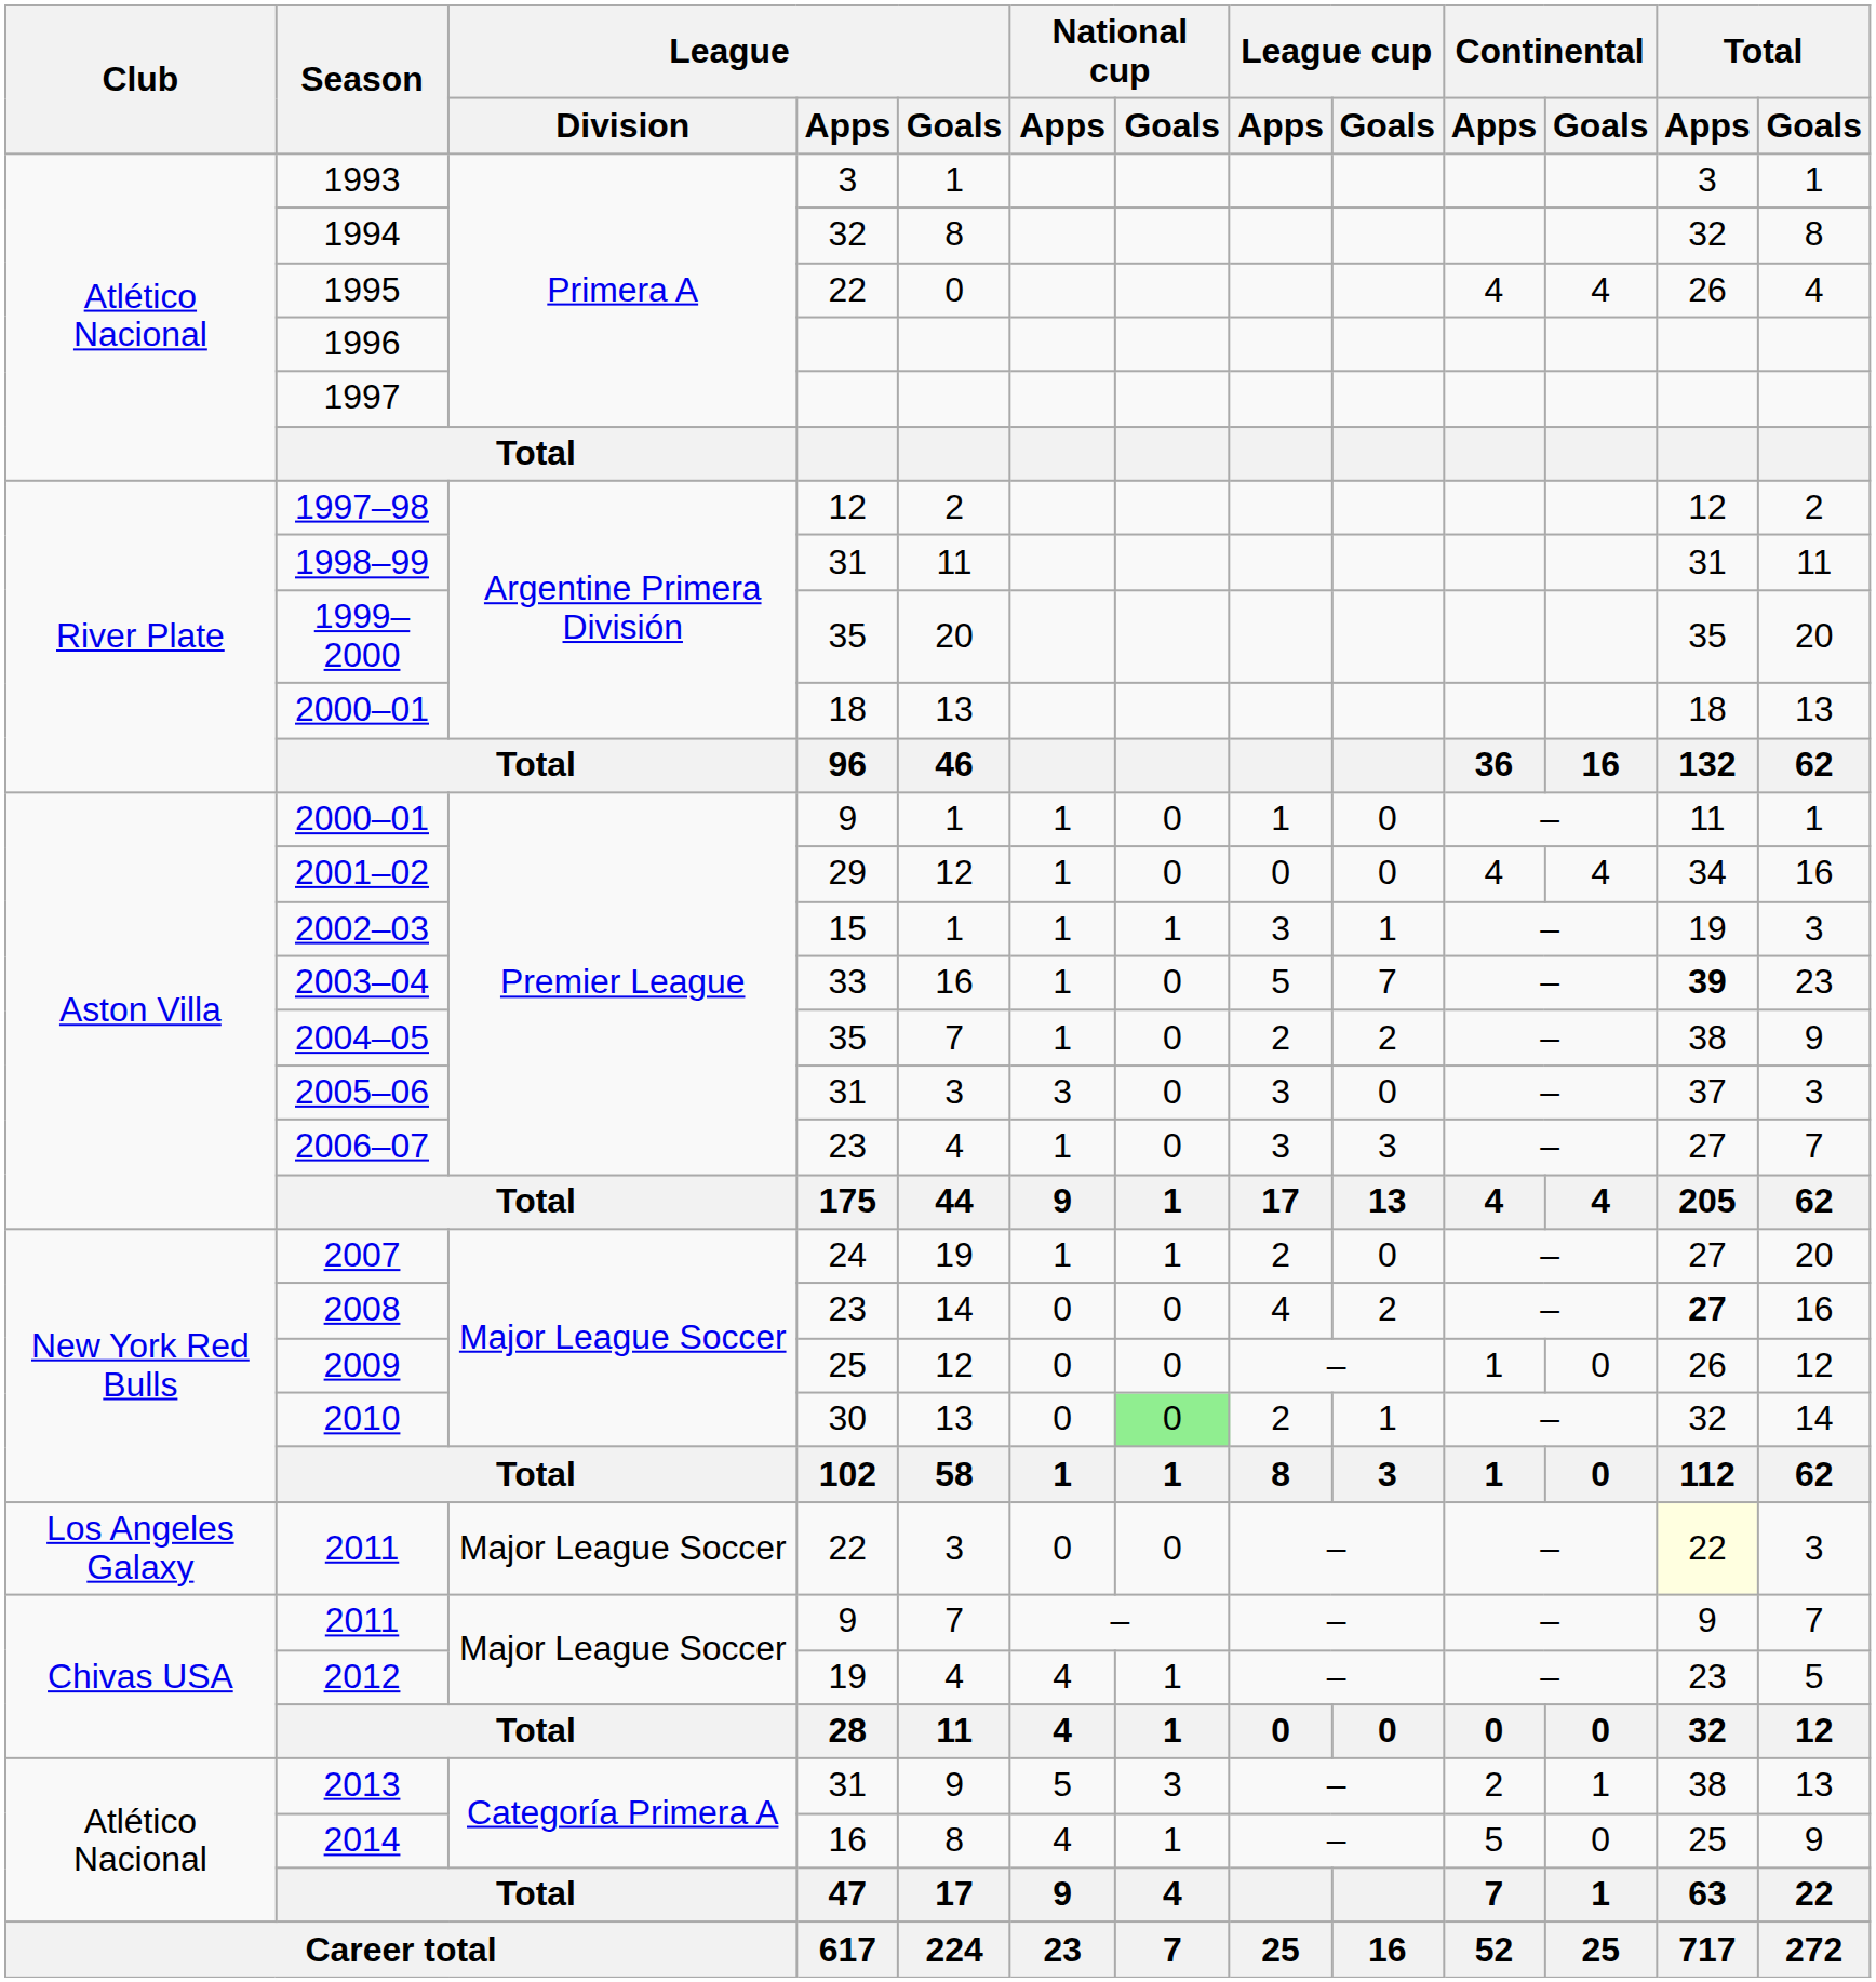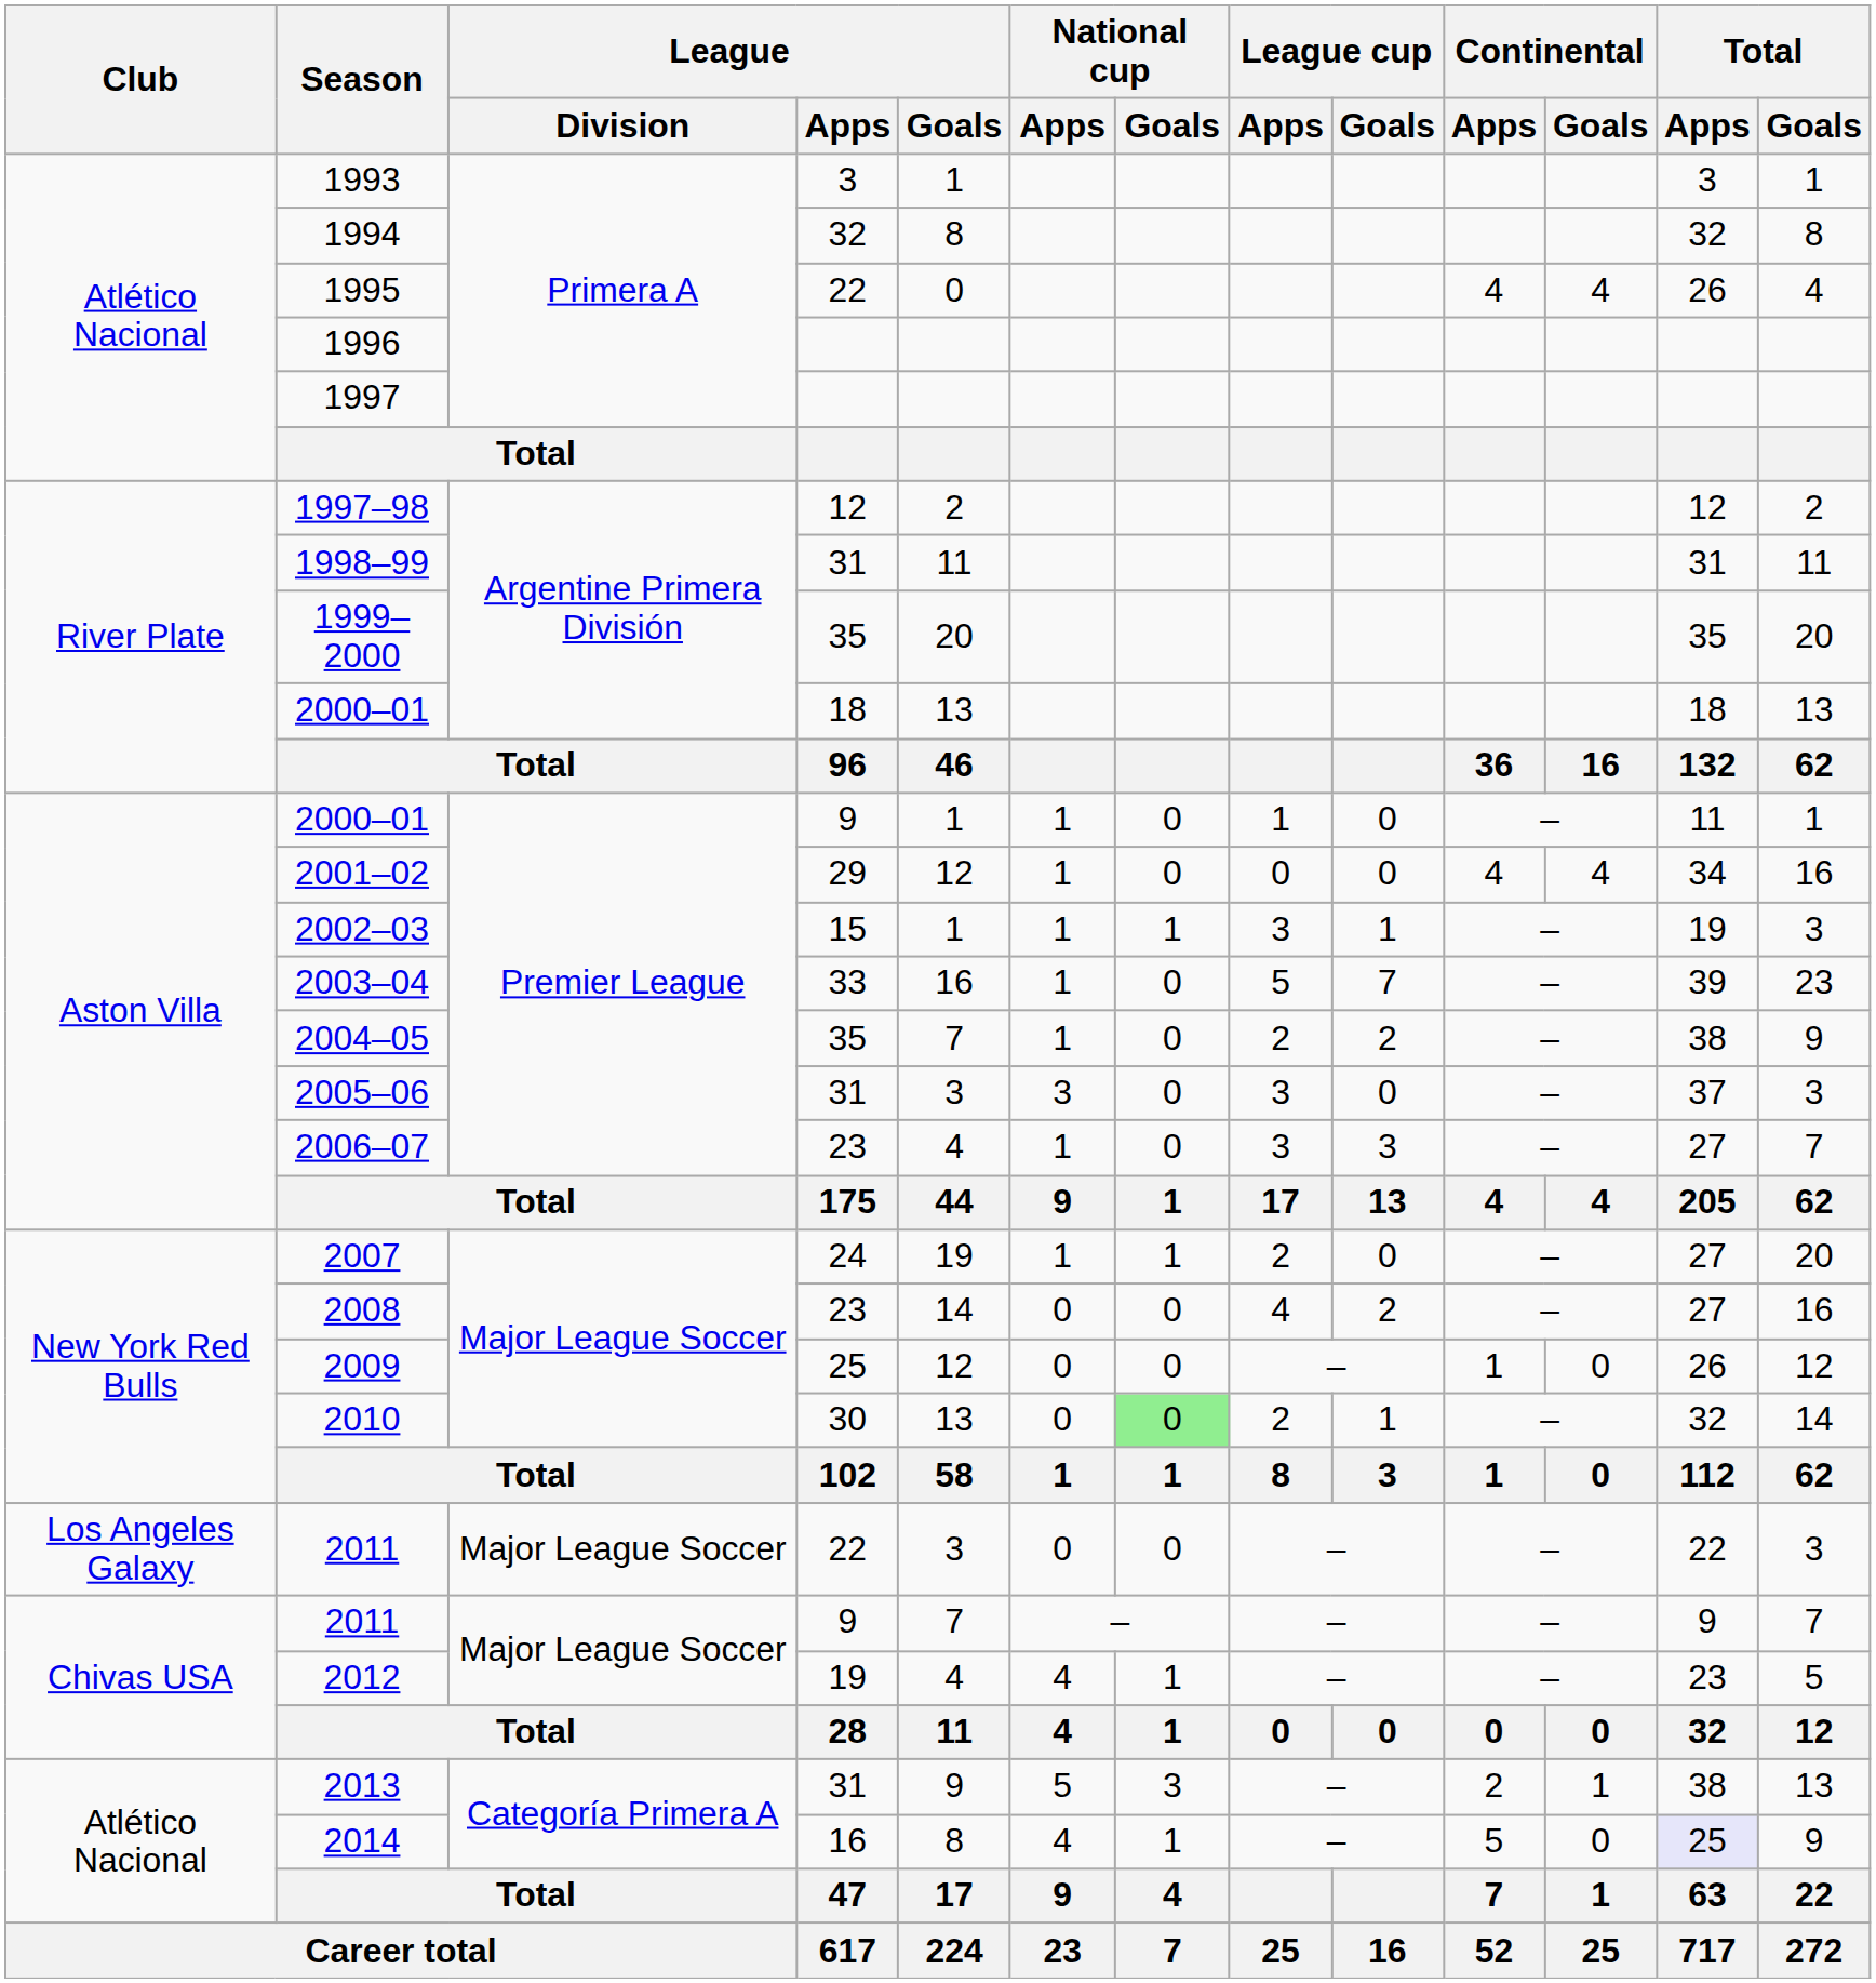 <table class="wikitable" style="text-align:center">
 <tr>
 <th rowspan="2">Club</th>
 <th rowspan="2">Season</th>
 <th colspan="3">League</th>
 <th colspan="2">National cup</th>
 <th colspan="2">League cup</th>
 <th colspan="2">Continental</th>
 <th colspan="2">Total</th>
 </tr>
 <tr>
 <th>Division</th>
 <th>Apps</th>
 <th>Goals</th>
 <th>Apps</th>
 <th>Goals</th>
 <th>Apps</th>
 <th>Goals</th>
 <th>Apps</th>
 <th>Goals</th>
 <th>Apps</th>
 <th>Goals</th>
 </tr>
 <tr>
 <td rowspan="6"><a href='#'>Atlético Nacional</a></td>
 <td>1993</td>
 <td rowspan="5"><a href='#'>Primera A</a></td>
 <td>3</td>
 <td>1</td>
 <td></td>
 <td></td>
 <td></td>
 <td></td>
 <td></td>
 <td></td>
 <td>3</td>
 <td>1</td>
 </tr>
 <tr>
 <td>1994</td>
 <td>32</td>
 <td>8</td>
 <td></td>
 <td></td>
 <td></td>
 <td></td>
 <td></td>
 <td></td>
 <td>32</td>
 <td>8</td>
 </tr>
 <tr>
 <td>1995</td>
 <td>22</td>
 <td>0</td>
 <td></td>
 <td></td>
 <td></td>
 <td></td>
 <td>4</td>
 <td>4</td>
 <td>26</td>
 <td>4</td>
 </tr>
 <tr>
 <td>1996</td>
 <td></td>
 <td></td>
 <td></td>
 <td></td>
 <td></td>
 <td></td>
 <td></td>
 <td></td>
 <td></td>
 <td></td>
 </tr>
 <tr>
 <td>1997</td>
 <td></td>
 <td></td>
 <td></td>
 <td></td>
 <td></td>
 <td></td>
 <td></td>
 <td></td>
 <td></td>
 <td></td>
 </tr>
 <tr>
 <th colspan="2">Total</th>
 <th></th>
 <th></th>
 <th></th>
 <th></th>
 <th></th>
 <th></th>
 <th></th>
 <th></th>
 <th></th>
 <th></th>
 </tr>
 <tr>
 <td rowspan="5"><a href='#'>River Plate</a></td>
 <td><a href='#'>1997–98</a></td>
 <td rowspan="4"><a href='#'>Argentine Primera División</a></td>
 <td>12</td>
 <td>2</td>
 <td></td>
 <td></td>
 <td></td>
 <td></td>
 <td></td>
 <td></td>
 <td>12</td>
 <td>2</td>
 </tr>
 <tr>
 <td><a href='#'>1998–99</a></td>
 <td>31</td>
 <td>11</td>
 <td></td>
 <td></td>
 <td></td>
 <td></td>
 <td></td>
 <td></td>
 <td>31</td>
 <td>11</td>
 </tr>
 <tr>
 <td><a href='#'>1999–2000</a></td>
 <td>35</td>
 <td>20</td>
 <td></td>
 <td></td>
 <td></td>
 <td></td>
 <td></td>
 <td></td>
 <td>35</td>
 <td>20</td>
 </tr>
 <tr>
 <td><a href='#'>2000–01</a></td>
 <td>18</td>
 <td>13</td>
 <td></td>
 <td></td>
 <td></td>
 <td></td>
 <td></td>
 <td></td>
 <td>18</td>
 <td>13</td>
 </tr>
 <tr>
 <th colspan="2">Total</th>
 <th>96</th>
 <th>46</th>
 <th></th>
 <th></th>
 <th></th>
 <th></th>
 <th>36</th>
 <th>16</th>
 <th>132</th>
 <th>62</th>
 </tr>
 <tr>
 <td rowspan="8"><a href='#'>Aston Villa</a></td>
 <td><a href='#'>2000–01</a></td>
 <td rowspan="7"><a href='#'>Premier League</a></td>
 <td>9</td>
 <td>1</td>
 <td>1</td>
 <td>0</td>
 <td>1</td>
 <td>0</td>
 <td colspan="2">–</td>
 <td>11</td>
 <td>1</td>
 </tr>
 <tr>
 <td><a href='#'>2001–02</a></td>
 <td>29</td>
 <td>12</td>
 <td>1</td>
 <td>0</td>
 <td>0</td>
 <td>0</td>
 <td>4</td>
 <td>4</td>
 <td>34</td>
 <td>16</td>
 </tr>
 <tr>
 <td><a href='#'>2002–03</a></td>
 <td>15</td>
 <td>1</td>
 <td>1</td>
 <td>1</td>
 <td>3</td>
 <td>1</td>
 <td colspan="2">–</td>
 <td>19</td>
 <td>3</td>
 </tr>
 <tr>
 <td><a href='#'>2003–04</a></td>
 <td>33</td>
 <td>16</td>
 <td>1</td>
 <td>0</td>
 <td>5</td>
 <td>7</td>
 <td colspan="2">–</td>
-<td><strong>39</strong></td>
+<td>39</td>
 <td>23</td>
 </tr>
 <tr>
 <td><a href='#'>2004–05</a></td>
 <td>35</td>
 <td>7</td>
 <td>1</td>
 <td>0</td>
 <td>2</td>
 <td>2</td>
 <td colspan="2">–</td>
 <td>38</td>
 <td>9</td>
 </tr>
 <tr>
 <td><a href='#'>2005–06</a></td>
 <td>31</td>
 <td>3</td>
 <td>3</td>
 <td>0</td>
 <td>3</td>
 <td>0</td>
 <td colspan="2">–</td>
 <td>37</td>
 <td>3</td>
 </tr>
 <tr>
 <td><a href='#'>2006–07</a></td>
 <td>23</td>
 <td>4</td>
 <td>1</td>
 <td>0</td>
 <td>3</td>
 <td>3</td>
 <td colspan="2">–</td>
 <td>27</td>
 <td>7</td>
 </tr>
 <tr>
 <th colspan="2">Total</th>
 <th>175</th>
 <th>44</th>
 <th>9</th>
 <th>1</th>
 <th>17</th>
 <th>13</th>
 <th>4</th>
 <th>4</th>
 <th>205</th>
 <th>62</th>
 </tr>
 <tr>
 <td rowspan="5"><a href='#'>New York Red Bulls</a></td>
 <td><a href='#'>2007</a></td>
 <td rowspan="4"><a href='#'>Major League Soccer</a></td>
 <td>24</td>
 <td>19</td>
 <td>1</td>
 <td>1</td>
 <td>2</td>
 <td>0</td>
 <td colspan="2">–</td>
 <td>27</td>
 <td>20</td>
 </tr>
 <tr>
 <td><a href='#'>2008</a></td>
 <td>23</td>
 <td>14</td>
 <td>0</td>
 <td>0</td>
 <td>4</td>
 <td>2</td>
 <td colspan="2">–</td>
-<td><strong>27</strong></td>
+<td>27</td>
 <td>16</td>
 </tr>
 <tr>
 <td><a href='#'>2009</a></td>
 <td>25</td>
 <td>12</td>
 <td>0</td>
 <td>0</td>
 <td colspan="2">–</td>
 <td>1</td>
 <td>0</td>
 <td>26</td>
 <td>12</td>
 </tr>
 <tr>
 <td><a href='#'>2010</a></td>
 <td>30</td>
 <td>13</td>
 <td>0</td>
 <td style="background: lightgreen;">0</td>
 <td>2</td>
 <td>1</td>
 <td colspan="2">–</td>
 <td>32</td>
 <td>14</td>
 </tr>
 <tr>
 <th colspan="2">Total</th>
 <th>102</th>
 <th>58</th>
 <th>1</th>
 <th>1</th>
 <th>8</th>
 <th>3</th>
 <th>1</th>
 <th>0</th>
 <th>112</th>
 <th>62</th>
 </tr>
 <tr>
 <td><a href='#'>Los Angeles Galaxy</a></td>
 <td><a href='#'>2011</a></td>
 <td>Major League Soccer</td>
 <td>22</td>
 <td>3</td>
 <td>0</td>
 <td>0</td>
 <td colspan="2">–</td>
 <td colspan="2">–</td>
-<td style="background: lightyellow;">22</td>
+<td>22</td>
 <td>3</td>
 </tr>
 <tr>
 <td rowspan="3"><a href='#'>Chivas USA</a></td>
 <td><a href='#'>2011</a></td>
 <td rowspan="2">Major League Soccer</td>
 <td>9</td>
 <td>7</td>
 <td colspan="2">–</td>
 <td colspan="2">–</td>
 <td colspan="2">–</td>
 <td>9</td>
 <td>7</td>
 </tr>
 <tr>
 <td><a href='#'>2012</a></td>
 <td>19</td>
 <td>4</td>
 <td>4</td>
 <td>1</td>
 <td colspan="2">–</td>
 <td colspan="2">–</td>
 <td>23</td>
 <td>5</td>
 </tr>
 <tr>
 <th colspan="2">Total</th>
 <th>28</th>
 <th>11</th>
 <th>4</th>
 <th>1</th>
 <th>0</th>
 <th>0</th>
 <th>0</th>
 <th>0</th>
 <th>32</th>
 <th>12</th>
 </tr>
 <tr>
 <td rowspan="3">Atlético Nacional</td>
 <td><a href='#'>2013</a></td>
 <td rowspan="2"><a href='#'>Categoría Primera A</a></td>
 <td>31</td>
 <td>9</td>
 <td>5</td>
 <td>3</td>
 <td colspan="2">–</td>
 <td>2</td>
 <td>1</td>
 <td>38</td>
 <td>13</td>
 </tr>
 <tr>
 <td><a href='#'>2014</a></td>
 <td>16</td>
 <td>8</td>
 <td>4</td>
 <td>1</td>
 <td colspan="2">–</td>
 <td>5</td>
 <td>0</td>
-<td>25</td>
+<td style="background: lavender;">25</td>
 <td>9</td>
 </tr>
 <tr>
 <th colspan="2">Total</th>
 <th>47</th>
 <th>17</th>
 <th>9</th>
 <th>4</th>
 <th></th>
 <th></th>
 <th>7</th>
 <th>1</th>
 <th>63</th>
 <th>22</th>
 </tr>
 <tr>
 <th colspan="3">Career total</th>
 <th>617</th>
 <th>224</th>
 <th>23</th>
 <th>7</th>
 <th>25</th>
 <th>16</th>
 <th>52</th>
 <th>25</th>
 <th>717</th>
 <th>272</th>
 </tr>
 </table>
